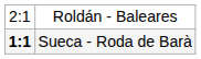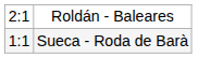 <table class="wikitable">
 <tr align=center bgcolor=white>
 <td>2:1</td>
 <td>Roldán - Baleares</td>
 </tr>
 <tr align=center bgcolor=#F5F5F5>
-<td><strong>1:1</strong></td>
+<td>1:1</td>
 <td>Sueca - Roda de Barà</td>
 </tr>
 </table>
